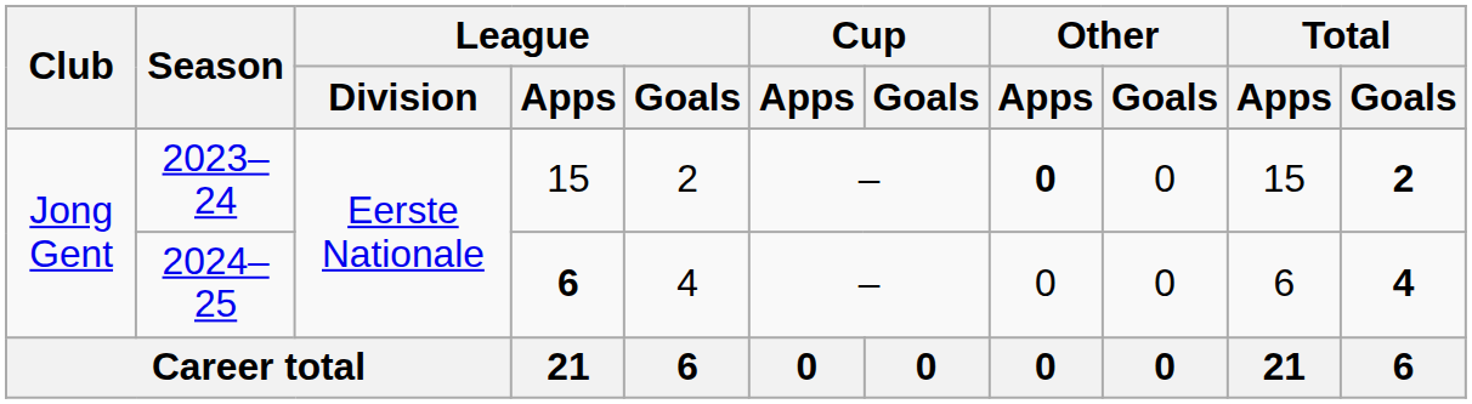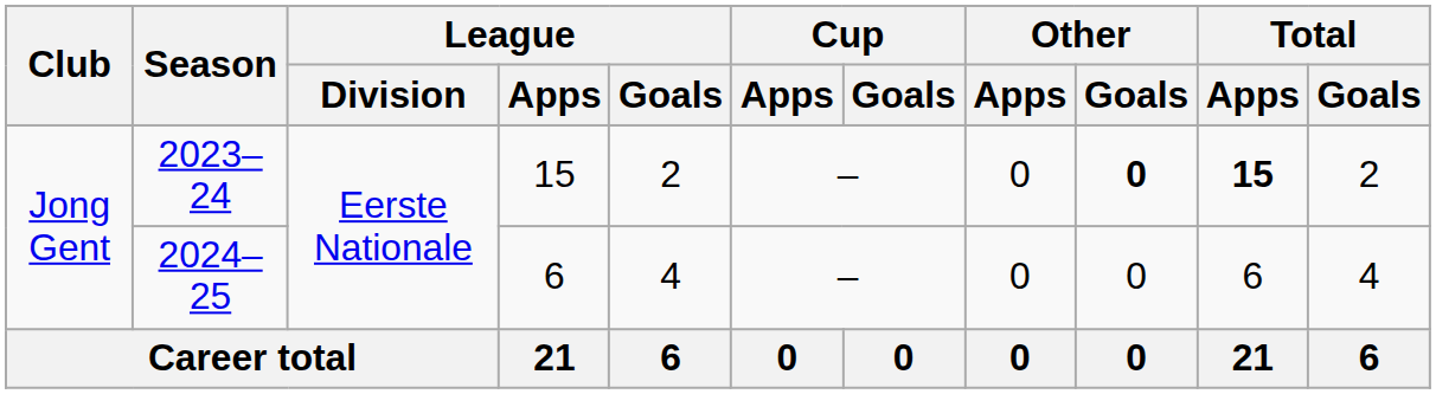 <table class=wikitable style=text-align:center>
 <tr>
 <th rowspan="2">Club</th>
 <th rowspan="2">Season</th>
 <th colspan="3">League</th>
 <th colspan="2">Cup</th>
 <th colspan="2">Other</th>
 <th colspan="2">Total</th>
 </tr>
 <tr>
 <th>Division</th>
 <th>Apps</th>
 <th>Goals</th>
 <th>Apps</th>
 <th>Goals</th>
 <th>Apps</th>
 <th>Goals</th>
 <th>Apps</th>
 <th>Goals</th>
 </tr>
 <tr>
 <td rowspan="2"><a href='#'>Jong Gent</a></td>
 <td><a href='#'>2023–24</a></td>
 <td rowspan="2"><a href='#'>Eerste Nationale</a></td>
 <td>15</td>
 <td>2</td>
 <td colspan="2">–</td>
+<td>0</td>
 <td><strong>0</strong></td>
-<td>0</td>
-<td>15</td>
-<td><strong>2</strong></td>
+<td><strong>15</strong></td>
+<td>2</td>
 </tr>
 <tr>
 <td><a href='#'>2024–25</a></td>
-<td><strong>6</strong></td>
+<td>6</td>
 <td>4</td>
 <td colspan="2">–</td>
 <td>0</td>
 <td>0</td>
 <td>6</td>
-<td><strong>4</strong></td>
+<td>4</td>
 </tr>
 <tr>
 <th colspan="3">Career total</th>
 <th>21</th>
 <th>6</th>
 <th>0</th>
 <th>0</th>
 <th>0</th>
 <th>0</th>
 <th>21</th>
 <th>6</th>
 </tr>
 </table>
